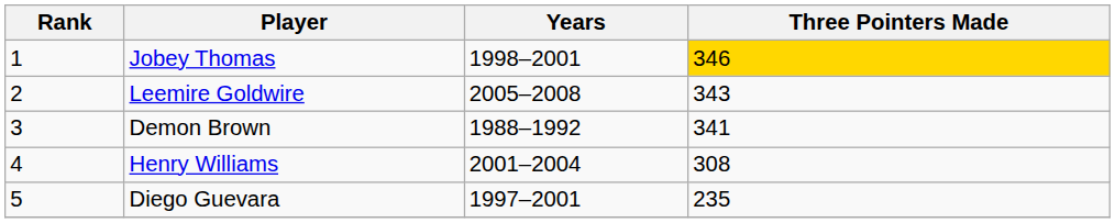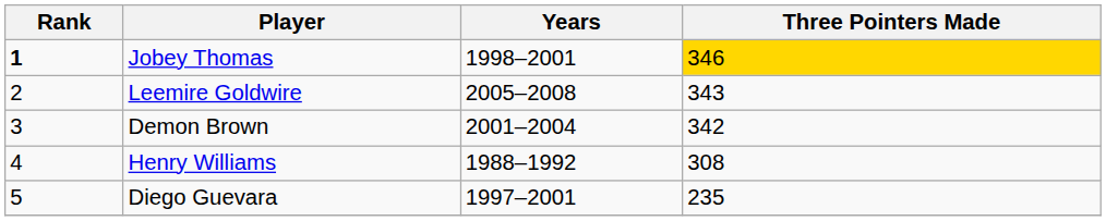 <table class="wikitable sortable" style="width: 50%">
 <tr>
 <th>Rank</th>
 <th>Player</th>
 <th>Years</th>
 <th>Three Pointers Made</th>
 </tr>
 <tr>
-<td>1</td>
+<td><strong>1</strong></td>
 <td><a href='#'>Jobey Thomas</a></td>
 <td>1998–2001</td>
 <td style="background: gold;">346</td>
 </tr>
 <tr>
 <td>2</td>
 <td><a href='#'>Leemire Goldwire</a></td>
 <td>2005–2008</td>
 <td>343</td>
 </tr>
 <tr>
 <td>3</td>
 <td>Demon Brown</td>
-<td>1988–1992</td>
-<td>341</td>
+<td>2001–2004</td>
+<td>342</td>
 </tr>
 <tr>
 <td>4</td>
 <td><a href='#'>Henry Williams</a></td>
-<td>2001–2004</td>
+<td>1988–1992</td>
 <td>308</td>
 </tr>
 <tr>
 <td>5</td>
 <td>Diego Guevara</td>
 <td>1997–2001</td>
 <td>235</td>
 </tr>
 <tr>
 </tr>
 </table>
